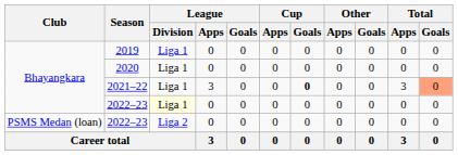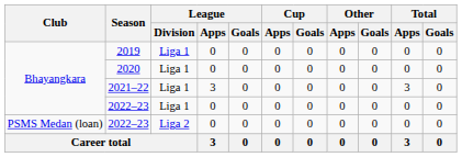 <table class="wikitable" style="text-align: center">
 <tr>
 <th rowspan="2">Club</th>
 <th rowspan="2">Season</th>
 <th colspan="3">League</th>
 <th colspan="2">Cup</th>
 <th colspan="2">Other</th>
 <th colspan="2">Total</th>
 </tr>
 <tr>
 <th>Division</th>
 <th>Apps</th>
 <th>Goals</th>
 <th>Apps</th>
 <th>Goals</th>
 <th>Apps</th>
 <th>Goals</th>
 <th>Apps</th>
 <th>Goals</th>
 </tr>
 <tr>
 <td rowspan="4"><a href='#'>Bhayangkara</a></td>
 <td><a href='#'>2019</a></td>
 <td rowspan="1" valign="center"><a href='#'>Liga 1</a></td>
 <td>0</td>
 <td>0</td>
 <td>0</td>
 <td>0</td>
 <td>0</td>
 <td>0</td>
 <td>0</td>
 <td>0</td>
 </tr>
 <tr>
 <td><a href='#'>2020</a></td>
 <td rowspan="1" valign="center">Liga 1</td>
 <td>0</td>
 <td>0</td>
 <td>0</td>
 <td>0</td>
 <td>0</td>
 <td>0</td>
 <td>0</td>
 <td>0</td>
 </tr>
 <tr>
 <td><a href='#'>2021–22</a></td>
 <td rowspan="1" valign="center">Liga 1</td>
 <td>3</td>
 <td>0</td>
 <td>0</td>
-<td><strong>0</strong></td>
+<td>0</td>
 <td>0</td>
 <td>0</td>
 <td>3</td>
-<td style="background: lightsalmon;">0</td>
+<td>0</td>
 </tr>
 <tr>
 <td><a href='#'>2022–23</a></td>
-<td rowspan="1" valign="center" style="background: lightyellow;">Liga 1</td>
+<td rowspan="1" valign="center">Liga 1</td>
 <td>0</td>
 <td>0</td>
 <td>0</td>
 <td>0</td>
 <td>0</td>
 <td>0</td>
 <td>0</td>
 <td>0</td>
 </tr>
 <tr>
 <td rowspan="1"><a href='#'>PSMS Medan</a> (loan)</td>
 <td><a href='#'>2022–23</a></td>
 <td rowspan="1"><a href='#'>Liga 2</a></td>
 <td>0</td>
 <td>0</td>
 <td>0</td>
 <td>0</td>
 <td>0</td>
 <td>0</td>
 <td>0</td>
 <td>0</td>
 </tr>
 <tr>
 <th colspan=3>Career total</th>
 <th>3</th>
 <th>0</th>
 <th>0</th>
 <th>0</th>
 <th>0</th>
 <th>0</th>
 <th>3</th>
 <th>0</th>
 </tr>
 </table>
